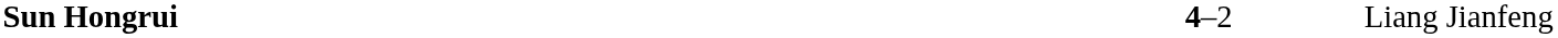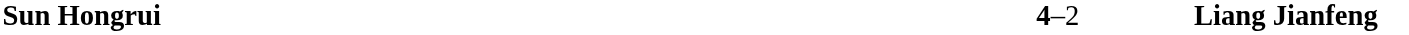 <table width="100%" cellspacing="1">
 <tr>
 <th width45%></th>
 <th width10%></th>
 <th width45%></th>
 </tr>
 <tr>
 <td> <strong>Sun Hongrui</strong></td>
 <td align="center"><strong>4</strong>–2</td>
-<td> Liang Jianfeng</td>
+<td><strong> Liang Jianfeng</strong></td>
 </tr>
 </table>
